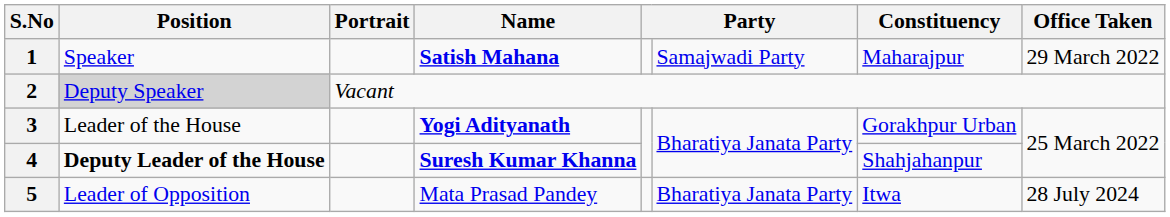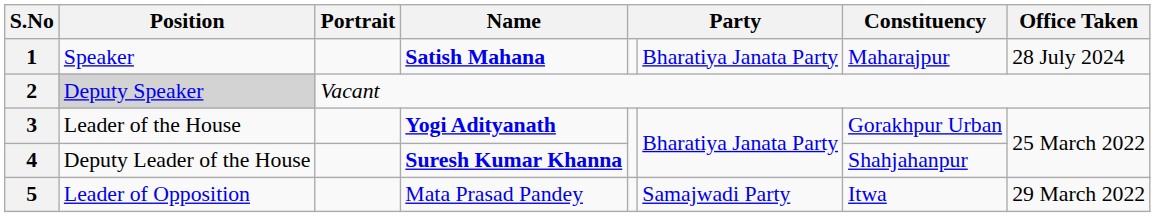 <table class="wikitable sortable">
 <tr>
 <th>S.No</th>
 <th>Position</th>
 <th>Portrait</th>
 <th>Name</th>
 <th colspan="2">Party</th>
 <th>Constituency</th>
 <th>Office Taken</th>
 </tr>
 <tr>
 <th>1</th>
 <td><a href='#'>Speaker</a></td>
 <td></td>
 <td><strong><a href='#'>Satish Mahana</a></strong></td>
 <td style="background:"></td>
-<td><a href='#'>Samajwadi Party</a></td>
+<td><a href='#'>Bharatiya Janata Party</a></td>
 <td><a href='#'>Maharajpur</a></td>
-<td>29 March 2022</td>
+<td>28 July 2024</td>
 </tr>
 <tr>
 <th>2</th>
 <td style="background: lightgrey;"><a href='#'>Deputy Speaker</a></td>
 <td colspan="6"><em>Vacant</em></td>
 </tr>
 <tr>
 <th>3</th>
 <td>Leader of the House</td>
 <td></td>
 <td><strong><a href='#'>Yogi Adityanath</a></strong><br></td>
 <td rowspan="2" style="background:"></td>
 <td rowspan="2"><a href='#'>Bharatiya Janata Party</a></td>
 <td><a href='#'>Gorakhpur Urban</a></td>
 <td rowspan="2">25 March 2022</td>
 </tr>
 <tr>
 <th>4</th>
-<td><strong>Deputy Leader of the House</strong></td>
+<td>Deputy Leader of the House</td>
 <td></td>
 <td><strong><a href='#'>Suresh Kumar Khanna</a></strong><br></td>
 <td><a href='#'>Shahjahanpur</a></td>
 </tr>
 <tr>
 <th>5</th>
 <td><a href='#'>Leader of Opposition</a></td>
 <td></td>
 <td><a href='#'>Mata Prasad Pandey</a></td>
 <td style="background:"></td>
-<td><a href='#'>Bharatiya Janata Party</a></td>
+<td><a href='#'>Samajwadi Party</a></td>
 <td><a href='#'>Itwa</a></td>
-<td>28 July 2024</td>
+<td>29 March 2022</td>
 </tr>
 </table>
